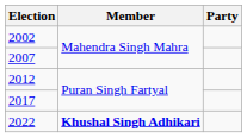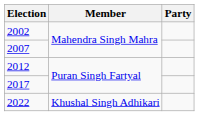 <table class="wikitable sortable">
 <tr>
 <th>Election</th>
 <th>Member</th>
 <th colspan=2>Party</th>
 </tr>
 <tr>
 <td><a href='#'>2002</a></td>
 <td rowspan=2><a href='#'>Mahendra Singh Mahra</a></td>
 <td></td>
 </tr>
 <tr>
 <td><a href='#'>2007</a></td>
 </tr>
 <tr>
 <td><a href='#'>2012</a></td>
 <td rowspan=2><a href='#'>Puran Singh Fartyal</a></td>
 <td></td>
 </tr>
 <tr>
 <td><a href='#'>2017</a></td>
 </tr>
 <tr>
 <td><a href='#'>2022</a></td>
-<td><strong><a href='#'>Khushal Singh Adhikari</a></strong></td>
+<td><a href='#'>Khushal Singh Adhikari</a></td>
 <td></td>
 </tr>
 </table>
